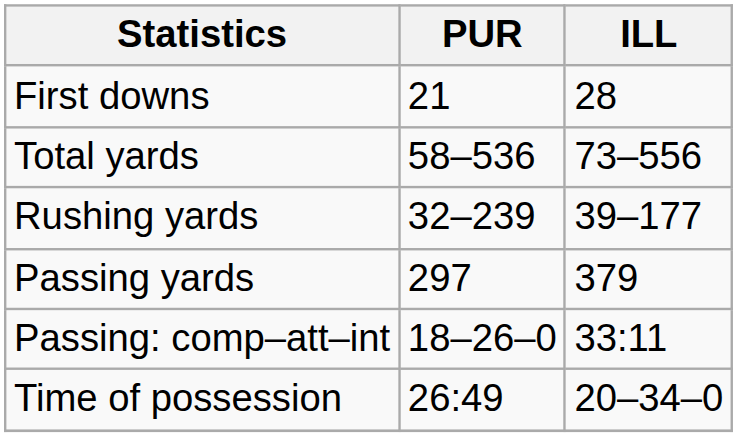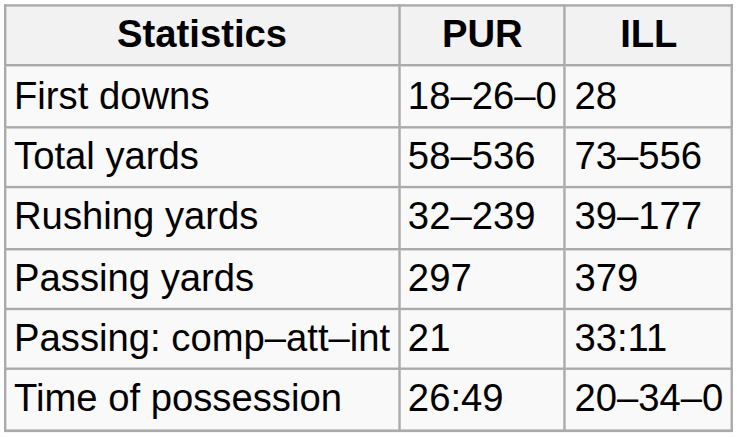 <table class="wikitable" style="float: left;">
 <tr>
 <th>Statistics</th>
 <th>PUR</th>
 <th>ILL</th>
 </tr>
 <tr>
 <td>First downs</td>
-<td>21</td>
+<td>18–26–0</td>
 <td>28</td>
 </tr>
 <tr>
 <td>Total yards</td>
 <td>58–536</td>
 <td>73–556</td>
 </tr>
 <tr>
 <td>Rushing yards</td>
 <td>32–239</td>
 <td>39–177</td>
 </tr>
 <tr>
 <td>Passing yards</td>
 <td>297</td>
 <td>379</td>
 </tr>
 <tr>
 <td>Passing: comp–att–int</td>
-<td>18–26–0</td>
+<td>21</td>
 <td>33:11</td>
 </tr>
 <tr>
 <td>Time of possession</td>
 <td>26:49</td>
 <td>20–34–0</td>
 </tr>
 <tr>
 </tr>
 </table>
